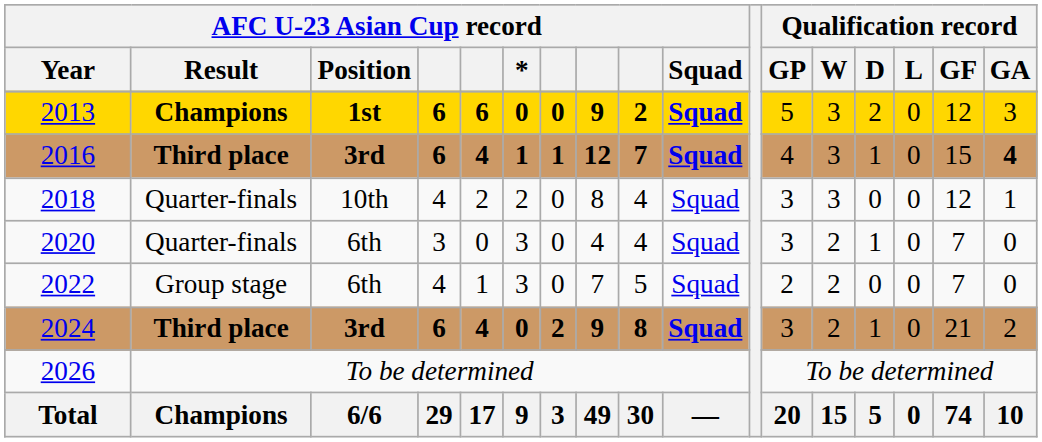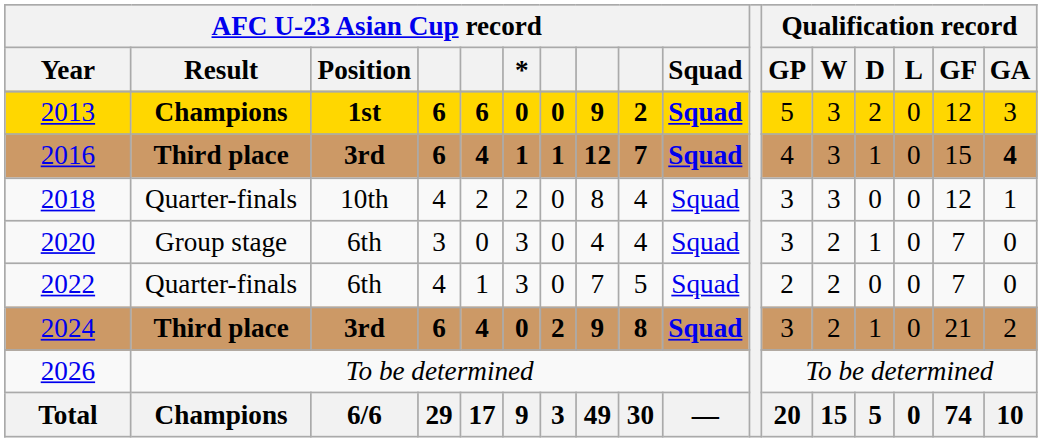 <table class="wikitable" style="text-align: center;font-size:100%">
 <tr>
 <th colspan="10"><a href='#'>AFC U-23 Asian Cup</a> record</th>
 <th style="width:1px" rowspan="21"></th>
 <th colspan="6">Qualification record</th>
 </tr>
 <tr>
 <th width="100">Year</th>
 <th width="120">Result</th>
 <th width="50">Position</th>
 <th width="20"></th>
 <th width="20"></th>
 <th width="20">*</th>
 <th width="20"></th>
 <th width="20"></th>
 <th width="20"></th>
 <th>Squad</th>
 <th width="20">GP</th>
 <th width="20">W</th>
 <th width="20">D</th>
 <th width="20">L</th>
 <th width="20">GF</th>
 <th width="20">GA</th>
 </tr>
 <tr>
 </tr>
 <tr style="background:gold;">
 <td> <a href='#'>2013</a></td>
 <td><strong>Champions</strong></td>
 <td><strong>1st</strong></td>
 <td><strong>6</strong></td>
 <td><strong>6</strong></td>
 <td><strong>0</strong></td>
 <td><strong>0</strong></td>
 <td><strong>9</strong></td>
 <td><strong>2</strong></td>
 <td><strong><a href='#'>Squad</a></strong></td>
 <td>5</td>
 <td>3</td>
 <td>2</td>
 <td>0</td>
 <td>12</td>
 <td>3</td>
 </tr>
 <tr style="background:#cc9966;">
 <td> <a href='#'>2016</a></td>
 <td><strong>Third place</strong></td>
 <td><strong>3rd</strong></td>
 <td><strong>6</strong></td>
 <td><strong>4</strong></td>
 <td><strong>1</strong></td>
 <td><strong>1</strong></td>
 <td><strong>12</strong></td>
 <td><strong>7</strong></td>
 <td><strong><a href='#'>Squad</a></strong></td>
 <td>4</td>
 <td>3</td>
 <td>1</td>
 <td>0</td>
 <td>15</td>
 <td><strong>4</strong></td>
 </tr>
 <tr>
 <td> <a href='#'>2018</a></td>
 <td>Quarter-finals</td>
 <td>10th</td>
 <td>4</td>
 <td>2</td>
 <td>2</td>
 <td>0</td>
 <td>8</td>
 <td>4</td>
 <td><a href='#'>Squad</a></td>
 <td>3</td>
 <td>3</td>
 <td>0</td>
 <td>0</td>
 <td>12</td>
 <td>1</td>
 </tr>
 <tr>
 <td> <a href='#'>2020</a></td>
-<td>Quarter-finals</td>
+<td>Group stage</td>
 <td>6th</td>
 <td>3</td>
 <td>0</td>
 <td>3</td>
 <td>0</td>
 <td>4</td>
 <td>4</td>
 <td><a href='#'>Squad</a></td>
 <td>3</td>
 <td>2</td>
 <td>1</td>
 <td>0</td>
 <td>7</td>
 <td>0</td>
 </tr>
 <tr>
 <td> <a href='#'>2022</a></td>
-<td>Group stage</td>
+<td>Quarter-finals</td>
 <td>6th</td>
 <td>4</td>
 <td>1</td>
 <td>3</td>
 <td>0</td>
 <td>7</td>
 <td>5</td>
 <td><a href='#'>Squad</a></td>
 <td>2</td>
 <td>2</td>
 <td>0</td>
 <td>0</td>
 <td>7</td>
 <td>0</td>
 </tr>
 <tr style="background:#cc9966;">
 <td> <a href='#'>2024</a></td>
 <td><strong>Third place</strong></td>
 <td><strong>3rd</strong></td>
 <td><strong>6</strong></td>
 <td><strong>4</strong></td>
 <td><strong>0</strong></td>
 <td><strong>2</strong></td>
 <td><strong>9</strong></td>
 <td><strong>8</strong></td>
 <td><strong><a href='#'>Squad</a></strong></td>
 <td>3</td>
 <td>2</td>
 <td>1</td>
 <td>0</td>
 <td>21</td>
 <td>2</td>
 </tr>
 <tr>
 <td> <a href='#'>2026</a></td>
 <td colspan="9"><em>To be determined</em></td>
 <td colspan="6"><em>To be determined</em></td>
 </tr>
 <tr>
 <th>Total</th>
 <th>Champions</th>
 <th>6/6</th>
 <th>29</th>
 <th>17</th>
 <th>9</th>
 <th>3</th>
 <th>49</th>
 <th>30</th>
 <th>—</th>
 <th>20</th>
 <th>15</th>
 <th>5</th>
 <th>0</th>
 <th>74</th>
 <th>10</th>
 </tr>
 </table>
